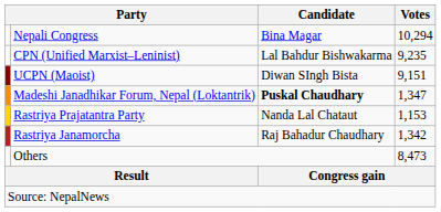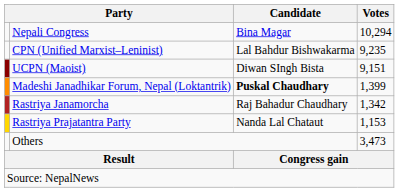 <table class="wikitable">
 <tr>
 <th colspan="2">Party</th>
 <th>Candidate</th>
 <th>Votes</th>
 </tr>
 <tr>
 <td style="background-color:"></td>
 <td><a href='#'>Nepali Congress</a></td>
 <td><a href='#'>Bina Magar</a></td>
 <td>10,294</td>
 </tr>
 <tr>
 <td style="background-color:"></td>
 <td><a href='#'>CPN (Unified Marxist–Leninist)</a></td>
 <td>Lal Bahdur Bishwakarma</td>
 <td>9,235</td>
 </tr>
 <tr>
 <td style="background-color:darkred"></td>
 <td><a href='#'>UCPN (Maoist)</a></td>
 <td>Diwan SIngh Bista</td>
 <td>9,151</td>
 </tr>
 <tr>
 <td style="background-color:darkorange"></td>
 <td><a href='#'>Madeshi Janadhikar Forum, Nepal (Loktantrik)</a></td>
 <td><strong>Puskal Chaudhary</strong></td>
-<td>1,347</td>
+<td>1,399</td>
+</tr>
+<tr>
+<td style="background-color:firebrick"></td>
+<td><a href='#'>Rastriya Janamorcha</a></td>
+<td>Raj Bahadur Chaudhary</td>
+<td>1,342</td>
 </tr>
 <tr>
 <td style="background-color:gold"></td>
 <td><a href='#'>Rastriya Prajatantra Party</a></td>
 <td>Nanda Lal Chataut</td>
 <td>1,153</td>
 </tr>
 <tr>
-<td style="background-color:firebrick"></td>
-<td><a href='#'>Rastriya Janamorcha</a></td>
-<td>Raj Bahadur Chaudhary</td>
-<td>1,342</td>
-</tr>
-<tr>
 <td></td>
 <td colspan="2">Others</td>
-<td>8,473</td>
+<td>3,473</td>
 </tr>
 <tr>
 <th colspan="2">Result</th>
 <th colspan="2">Congress gain</th>
 </tr>
 <tr>
 <td colspan="4">Source: NepalNews</td>
 </tr>
 </table>
